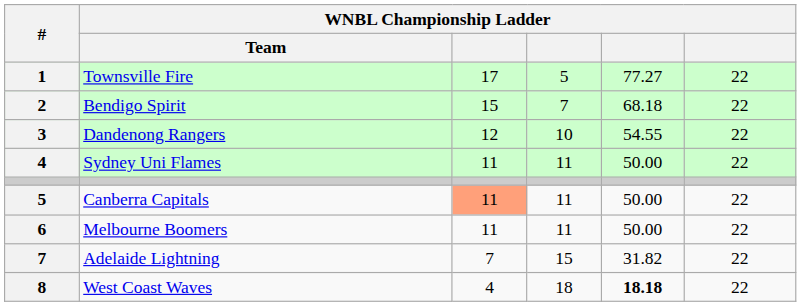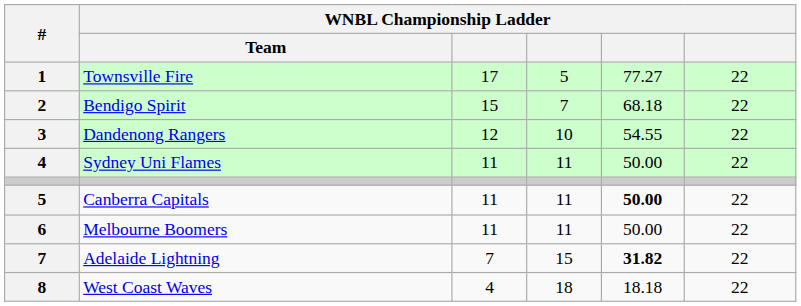 <table class="wikitable" width="43.5%" style="font-size:95%; text-align:center">
 <tr>
 <th width="5%" rowspan=2>#</th>
 <th colspan="6" align="center"><strong>WNBL Championship Ladder</strong></th>
 </tr>
 <tr>
 <th width="25%">Team</th>
 <th width="5%"></th>
 <th width="5%"></th>
 <th width="5%"></th>
 <th width="7.5%"></th>
 </tr>
 <tr style="background-color:#CCFFCC">
 <th>1</th>
 <td style="text-align:left;"><a href='#'>Townsville Fire</a></td>
 <td>17</td>
 <td>5</td>
 <td>77.27</td>
 <td>22</td>
 </tr>
 <tr style="background-color:#CCFFCC">
 <th>2</th>
 <td style="text-align:left;"><a href='#'>Bendigo Spirit</a></td>
 <td>15</td>
 <td>7</td>
 <td>68.18</td>
 <td>22</td>
 </tr>
 <tr style="background-color:#CCFFCC">
 <th>3</th>
 <td style="text-align:left;"><a href='#'>Dandenong Rangers</a></td>
 <td>12</td>
 <td>10</td>
 <td>54.55</td>
 <td>22</td>
 </tr>
 <tr style="background-color:#CCFFCC">
 <th>4</th>
 <td style="text-align:left;"><a href='#'>Sydney Uni Flames</a></td>
 <td>11</td>
 <td>11</td>
 <td>50.00</td>
 <td>22</td>
 </tr>
 <tr style="background-color:#cccccc;">
 <td></td>
 <td></td>
 <td></td>
 <td></td>
 <td></td>
 <td></td>
 </tr>
 <tr>
 <th>5</th>
 <td style="text-align:left;"><a href='#'>Canberra Capitals</a></td>
-<td style="background: lightsalmon;">11</td>
 <td>11</td>
-<td>50.00</td>
+<td>11</td>
+<td><strong>50.00</strong></td>
 <td>22</td>
 </tr>
 <tr>
 <th>6</th>
 <td style="text-align:left;"><a href='#'>Melbourne Boomers</a></td>
 <td>11</td>
 <td>11</td>
 <td>50.00</td>
 <td>22</td>
 </tr>
 <tr>
 <th>7</th>
 <td style="text-align:left;"><a href='#'>Adelaide Lightning</a></td>
 <td>7</td>
 <td>15</td>
-<td>31.82</td>
+<td><strong>31.82</strong></td>
 <td>22</td>
 </tr>
 <tr>
 <th>8</th>
 <td style="text-align:left;"><a href='#'>West Coast Waves</a></td>
 <td>4</td>
 <td>18</td>
-<td><strong>18.18</strong></td>
+<td>18.18</td>
 <td>22</td>
 </tr>
 </table>
